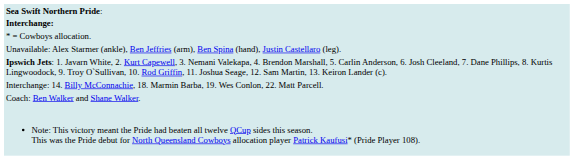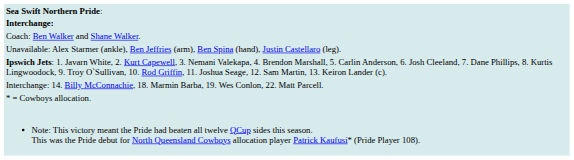 <table style="background:#d7ebed; font-size:85%; width:100%;">
 <tr>
 <td><strong>Sea Swift Northern Pride</strong>:             </td>
 </tr>
 <tr>
 <td><strong>Interchange:    </strong></td>
 </tr>
 <tr>
-<td>* = Cowboys allocation.</td>
+<td>Coach: <a href='#'>Ben Walker</a> and <a href='#'>Shane Walker</a>.</td>
 </tr>
 <tr>
 <td>Unavailable: Alex Starmer (ankle), <a href='#'>Ben Jeffries</a> (arm), <a href='#'>Ben Spina</a> (hand), <a href='#'>Justin Castellaro</a> (leg).</td>
 </tr>
 <tr>
 <td><strong>Ipswich Jets</strong>: 1. Javarn White, 2. <a href='#'>Kurt Capewell</a>, 3. Nemani Valekapa, 4. Brendon Marshall, 5. Carlin Anderson, 6. Josh Cleeland, 7. Dane Phillips, 8. Kurtis Lingwoodock, 9. Troy O`Sullivan, 10. <a href='#'>Rod Griffin</a>, 11. Joshua Seage, 12. Sam Martin, 13. Keiron Lander (c).</td>
 </tr>
 <tr>
 <td>Interchange: 14. <a href='#'>Billy McConnachie</a>, 18. Marmin Barba, 19. Wes Conlon, 22. Matt Parcell.</td>
 </tr>
 <tr>
-<td>Coach: <a href='#'>Ben Walker</a> and <a href='#'>Shane Walker</a>.</td>
+<td>* = Cowboys allocation.</td>
 </tr>
 <tr>
 <td><br><ul><li>Note: This victory meant the Pride had beaten all twelve <a href='#'>QCup</a> sides this season.<br>This was the Pride debut for <a href='#'>North Queensland Cowboys</a> allocation player <a href='#'>Patrick Kaufusi</a>* (Pride Player 108).</li></ul></td>
 </tr>
 </table>
